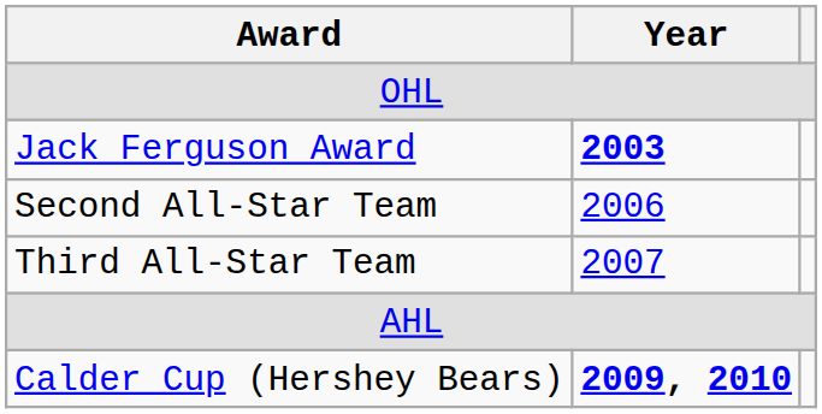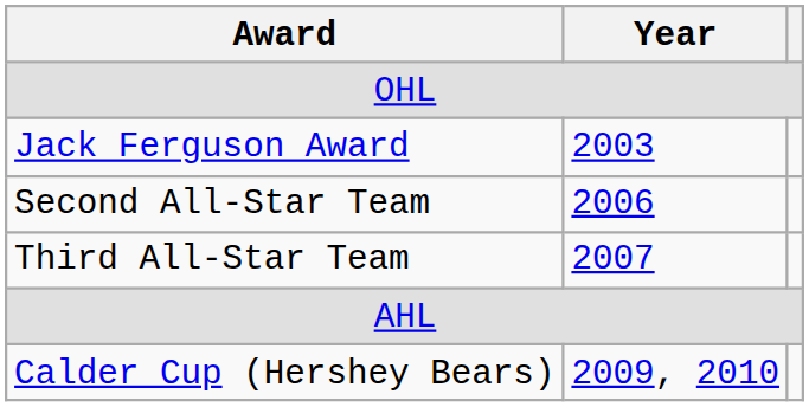 <table class="wikitable">
 <tr>
 <th>Award</th>
 <th>Year</th>
 <th></th>
 </tr>
 <tr ALIGN="center" bgcolor="#e0e0e0">
 <td colspan="3"><a href='#'>OHL</a></td>
 </tr>
 <tr>
 <td><a href='#'>Jack Ferguson Award</a></td>
-<td><strong><a href='#'>2003</a></strong></td>
+<td><a href='#'>2003</a></td>
 <td></td>
 </tr>
 <tr>
 <td>Second All-Star Team</td>
 <td><a href='#'>2006</a></td>
 <td></td>
 </tr>
 <tr>
 <td>Third All-Star Team</td>
 <td><a href='#'>2007</a></td>
 <td></td>
 </tr>
 <tr ALIGN="center" bgcolor="#e0e0e0">
 <td colspan="3"><a href='#'>AHL</a></td>
 </tr>
 <tr>
 <td><a href='#'>Calder Cup</a> (Hershey Bears)</td>
-<td><strong><a href='#'>2009</a>, <a href='#'>2010</a></strong></td>
+<td><a href='#'>2009</a>, <a href='#'>2010</a></td>
 <td></td>
 </tr>
 </table>
